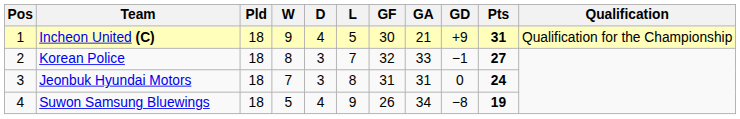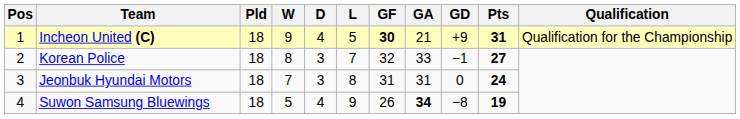 <table class="wikitable" style="text-align:center;">
 <tr>
 <th width=20>Pos</th>
 <th width=230>Team</th>
 <th width=30 abbr="Played">Pld</th>
 <th width=30 abbr="Won">W</th>
 <th width=30 abbr="Draw">D</th>
 <th width=30 abbr="Lost">L</th>
 <th width=35 abbr="Goals for">GF</th>
 <th width=35 abbr="Goals against">GA</th>
 <th width=35 abbr="Goal difference">GD</th>
 <th width=40 abbr="Points">Pts</th>
 <th>Qualification</th>
 </tr>
 <tr bgcolor=#ffffbb>
 <td>1</td>
 <td align="left"><a href='#'>Incheon United</a> <strong>(C)</strong></td>
 <td>18</td>
 <td>9</td>
 <td>4</td>
 <td>5</td>
-<td>30</td>
+<td><strong>30</strong></td>
 <td>21</td>
 <td>+9</td>
 <td><strong>31</strong></td>
 <td>Qualification for the Championship</td>
 </tr>
 <tr>
 <td>2</td>
 <td align="left"><a href='#'>Korean Police</a></td>
 <td>18</td>
 <td>8</td>
 <td>3</td>
 <td>7</td>
 <td>32</td>
 <td>33</td>
 <td>−1</td>
 <td><strong>27</strong></td>
 <td rowspan=3></td>
 </tr>
 <tr>
 <td>3</td>
 <td align="left"><a href='#'>Jeonbuk Hyundai Motors</a></td>
 <td>18</td>
 <td>7</td>
 <td>3</td>
 <td>8</td>
 <td>31</td>
 <td>31</td>
 <td>0</td>
 <td><strong>24</strong></td>
 </tr>
 <tr>
 <td>4</td>
 <td align="left"><a href='#'>Suwon Samsung Bluewings</a></td>
 <td>18</td>
 <td>5</td>
 <td>4</td>
 <td>9</td>
 <td>26</td>
-<td>34</td>
+<td><strong>34</strong></td>
 <td>−8</td>
 <td><strong>19</strong></td>
 </tr>
 </table>
